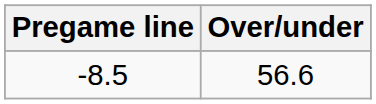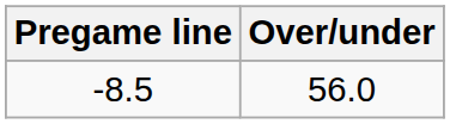 <table class="wikitable" style="margin-left: auto; margin-right: auto; border: none; display: inline-table;">
 <tr align="center">
 <th style=>Pregame line</th>
 <th style=>Over/under</th>
 </tr>
 <tr align="center">
 <td>-8.5</td>
-<td>56.6</td>
+<td>56.0</td>
 </tr>
 </table>
